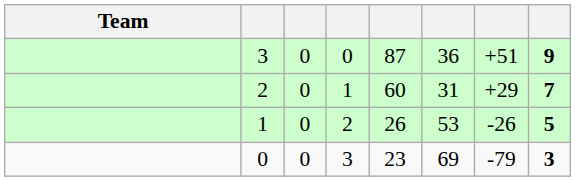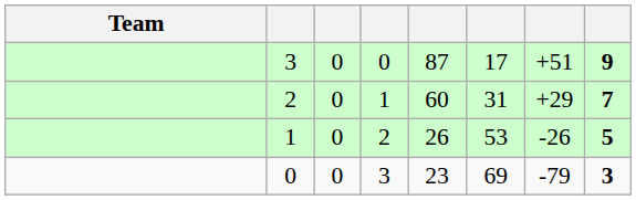 <table class="wikitable" style="text-align:center;">
 <tr>
 <th style="width:10.5em;">Team</th>
 <th style="width:1.5em;"></th>
 <th style="width:1.5em;"></th>
 <th style="width:1.5em;"></th>
 <th style="width:2.0em;"></th>
 <th style="width:2.0em;"></th>
 <th style="width:2.0em;"></th>
 <th style="width:1.5em;"></th>
 </tr>
 <tr bgcolor=#cfc>
 <td align="left"></td>
 <td>3</td>
 <td>0</td>
 <td>0</td>
 <td>87</td>
-<td>36</td>
+<td>17</td>
 <td>+51</td>
 <td><strong>9</strong></td>
 </tr>
 <tr bgcolor=#cfc>
 <td align="left"></td>
 <td>2</td>
 <td>0</td>
 <td>1</td>
 <td>60</td>
 <td>31</td>
 <td>+29</td>
 <td><strong>7</strong></td>
 </tr>
 <tr bgcolor=#cfc>
 <td align="left"></td>
 <td>1</td>
 <td>0</td>
 <td>2</td>
 <td>26</td>
 <td>53</td>
 <td>-26</td>
 <td><strong>5</strong></td>
 </tr>
 <tr>
 <td align="left"></td>
 <td>0</td>
 <td>0</td>
 <td>3</td>
 <td>23</td>
 <td>69</td>
 <td>-79</td>
 <td><strong>3</strong></td>
 </tr>
 </table>
